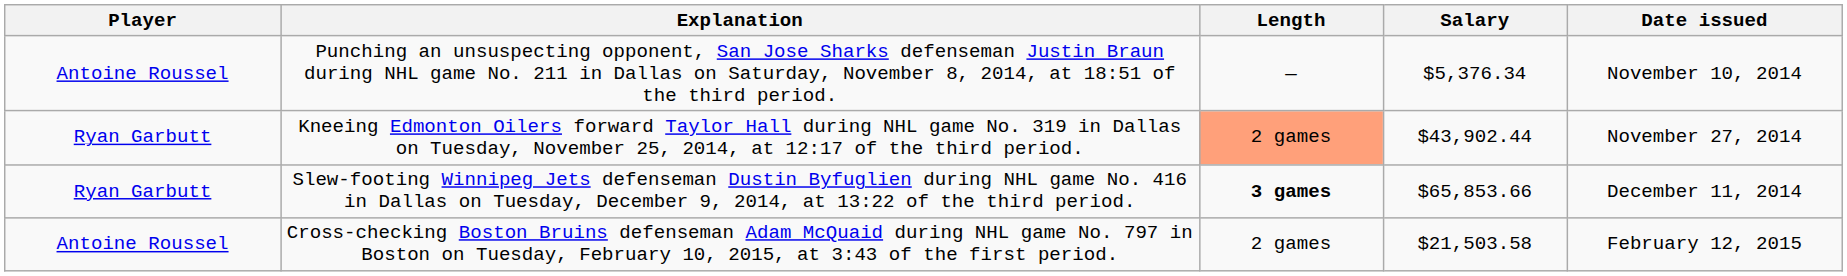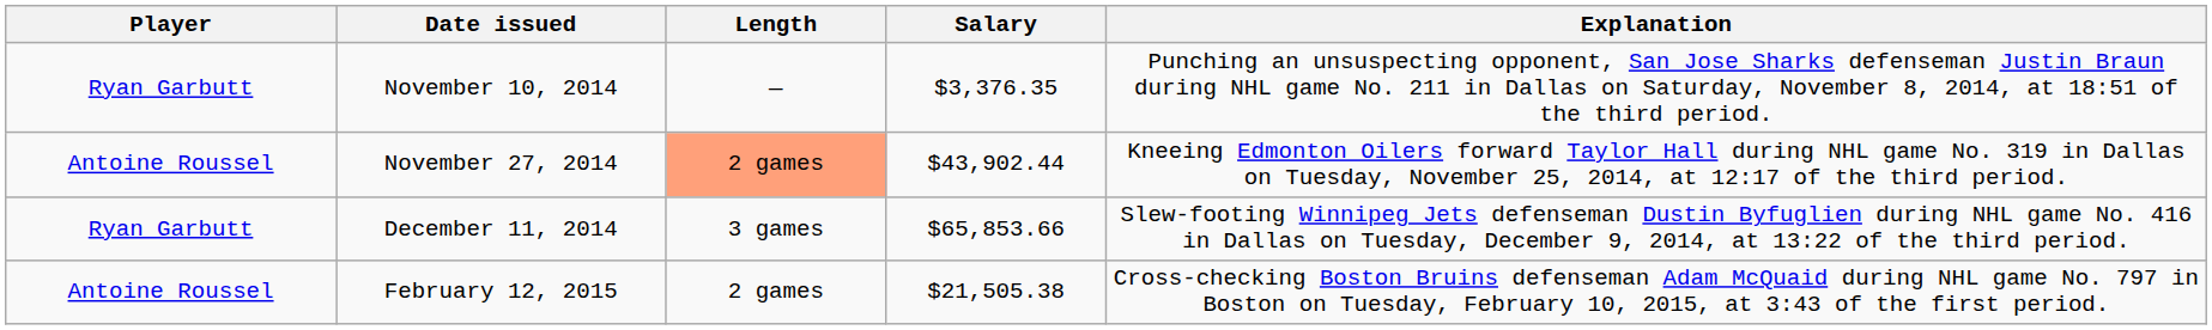 <table class="wikitable" style="text-align:center;">
 <tr>
 <th style="width:15%;">Player</th>
-<th style="width:50%;">Explanation</th>
+<th style="width:15%;">Date issued</th>
 <th style="width:10%;">Length</th>
 <th style="width:10%;">Salary</th>
-<th style="width:15%;">Date issued</th>
+<th style="width:50%;">Explanation</th>
+</tr>
+<tr>
+<td><a href='#'>Ryan Garbutt</a></td>
+<td>November 10, 2014</td>
+<td>—</td>
+<td>$3,376.35</td>
+<td>Punching an unsuspecting opponent, <a href='#'>San Jose Sharks</a> defenseman <a href='#'>Justin Braun</a> during NHL game No. 211 in Dallas on Saturday, November 8, 2014, at 18:51 of the third period.</td>
 </tr>
 <tr>
 <td><a href='#'>Antoine Roussel</a></td>
-<td>Punching an unsuspecting opponent, <a href='#'>San Jose Sharks</a> defenseman <a href='#'>Justin Braun</a> during NHL game No. 211 in Dallas on Saturday, November 8, 2014, at 18:51 of the third period.</td>
-<td>—</td>
-<td>$5,376.34</td>
-<td>November 10, 2014</td>
+<td>November 27, 2014</td>
+<td style="background: lightsalmon;">2 games</td>
+<td>$43,902.44</td>
+<td>Kneeing <a href='#'>Edmonton Oilers</a> forward <a href='#'>Taylor Hall</a> during NHL game No. 319 in Dallas on Tuesday, November 25, 2014, at 12:17 of the third period.</td>
 </tr>
 <tr>
 <td><a href='#'>Ryan Garbutt</a></td>
-<td>Kneeing <a href='#'>Edmonton Oilers</a> forward <a href='#'>Taylor Hall</a> during NHL game No. 319 in Dallas on Tuesday, November 25, 2014, at 12:17 of the third period.</td>
-<td style="background: lightsalmon;">2 games</td>
-<td>$43,902.44</td>
-<td>November 27, 2014</td>
-</tr>
-<tr>
-<td><a href='#'>Ryan Garbutt</a></td>
+<td>December 11, 2014</td>
+<td>3 games</td>
+<td>$65,853.66</td>
 <td>Slew-footing <a href='#'>Winnipeg Jets</a> defenseman <a href='#'>Dustin Byfuglien</a> during NHL game No. 416 in Dallas on Tuesday, December 9, 2014, at 13:22 of the third period.</td>
-<td><strong>3 games</strong></td>
-<td>$65,853.66</td>
-<td>December 11, 2014</td>
 </tr>
 <tr>
 <td><a href='#'>Antoine Roussel</a></td>
+<td>February 12, 2015</td>
+<td>2 games</td>
+<td>$21,505.38</td>
 <td>Cross-checking <a href='#'>Boston Bruins</a> defenseman <a href='#'>Adam McQuaid</a> during NHL game No. 797 in Boston on Tuesday, February 10, 2015, at 3:43 of the first period.</td>
-<td>2 games</td>
-<td>$21,503.58</td>
-<td>February 12, 2015</td>
 </tr>
 </table>
